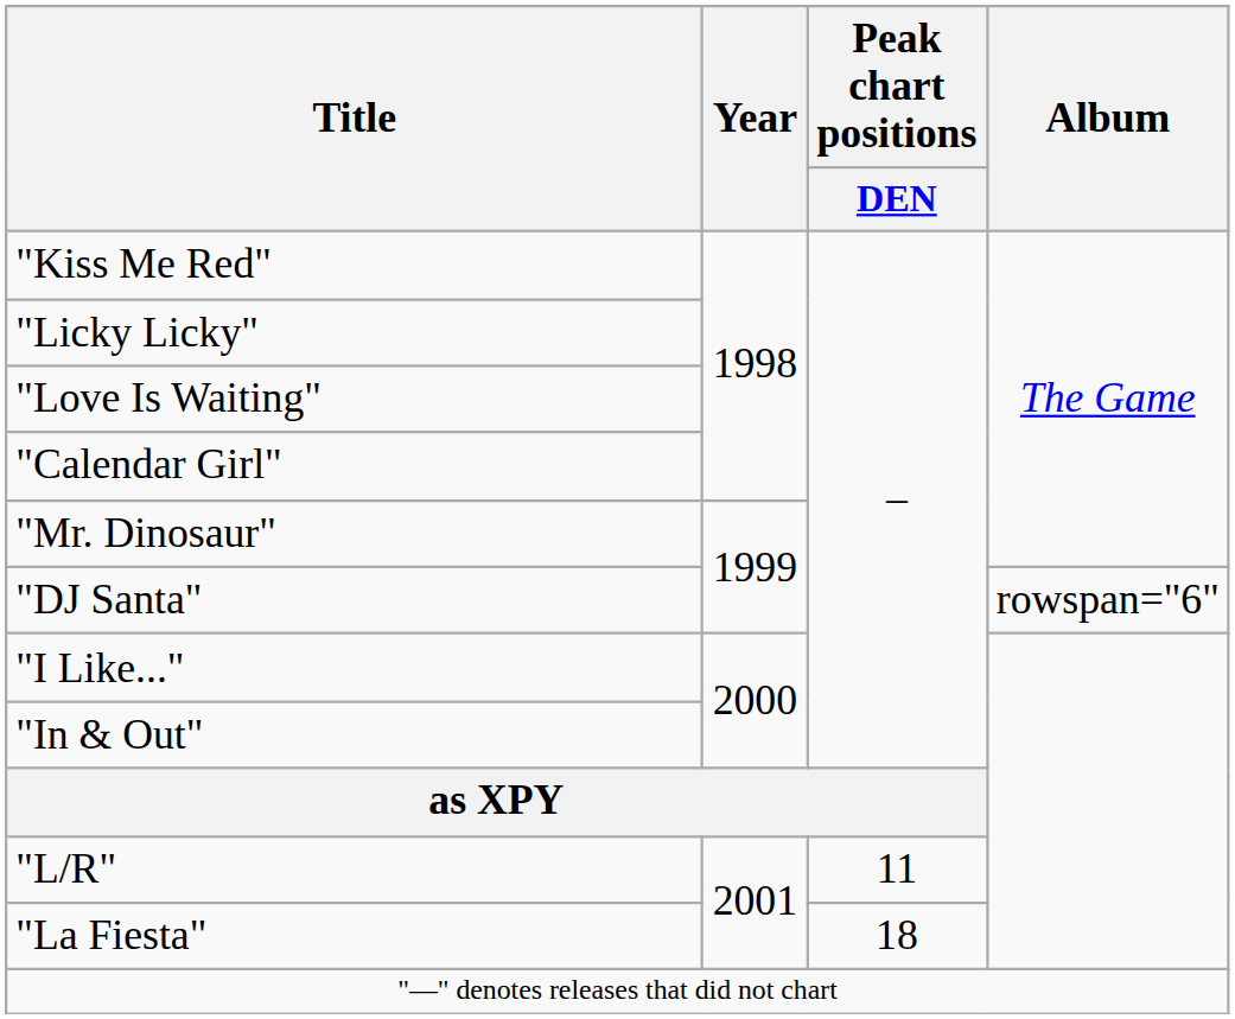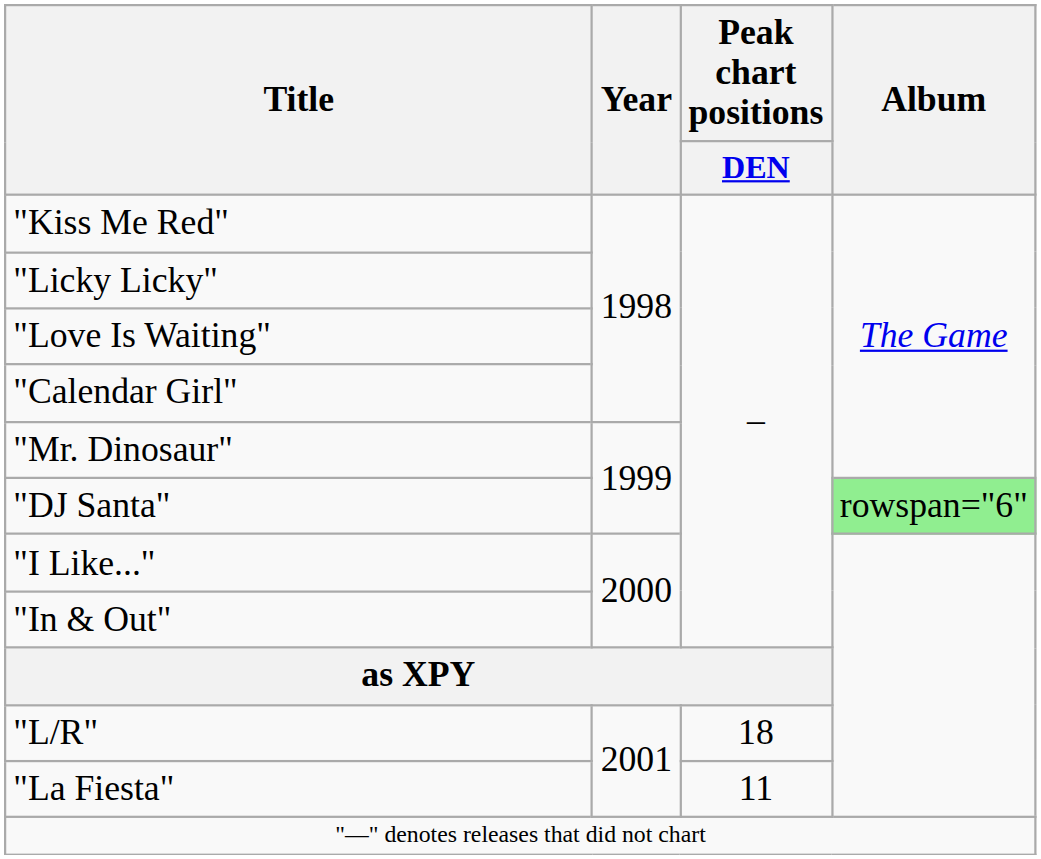 <table class="wikitable plainrowheaders" style="text-align:center;">
 <tr>
 <th scope="col" rowspan="2" style="width:16em;">Title</th>
 <th scope="col" rowspan="2">Year</th>
 <th scope="col">Peak chart positions</th>
 <th scope="col" rowspan="2">Album</th>
 </tr>
 <tr>
 <th scope="col" style="width:3em;font-size:90%;"><a href='#'>DEN</a></th>
 </tr>
 <tr>
 <td align="left">"Kiss Me Red"</td>
 <td rowspan="4">1998</td>
 <td rowspan="8">–</td>
 <td rowspan="5"><em><a href='#'>The Game</a></em></td>
 </tr>
 <tr>
 <td align="left">"Licky Licky"</td>
 </tr>
 <tr>
 <td align="left">"Love Is Waiting"</td>
 </tr>
 <tr>
 <td align="left">"Calendar Girl"</td>
 </tr>
 <tr>
 <td align="left">"Mr. Dinosaur"</td>
 <td rowspan="2">1999</td>
 </tr>
 <tr>
 <td align="left">"DJ Santa"</td>
-<td>rowspan="6" </td>
+<td style="background: lightgreen;">rowspan="6" </td>
 </tr>
 <tr>
 <td align="left">"I Like..."</td>
 <td rowspan="2">2000</td>
 </tr>
 <tr>
 <td align="left">"In & Out"</td>
 </tr>
 <tr>
 <th scope="col" colspan="3">as XPY</th>
 </tr>
 <tr>
 <td align="left">"L/R"</td>
 <td rowspan=2>2001</td>
-<td>11</td>
+<td>18</td>
 </tr>
 <tr>
 <td align="left">"La Fiesta"</td>
-<td>18</td>
+<td>11</td>
 </tr>
 <tr>
 <td colspan="15" style="font-size:8pt">"—" denotes releases that did not chart</td>
 </tr>
 </table>
